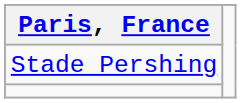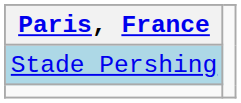 <table class="wikitable" style="text-align:center">
 <tr>
 <th><a href='#'>Paris</a>, <a href='#'>France</a></th>
 <td rowspan=4></td>
 </tr>
 <tr>
-<td><a href='#'>Stade Pershing</a></td>
+<td style="background: lightblue;"><a href='#'>Stade Pershing</a></td>
 </tr>
 <tr>
 <td></td>
 </tr>
 </table>
